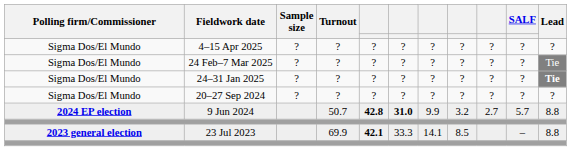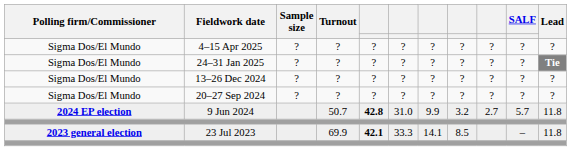 <table class="wikitable collapsible collapsed" style="text-align:center; font-size:95%; line-height:16px;">
 <tr style="height:42px;">
 <th style="width:250px;" rowspan="2">Polling firm/Commissioner</th>
 <th style="width:125px;" rowspan="2">Fieldwork date</th>
 <th style="width:50px;" rowspan="2">Sample size</th>
 <th style="width:45px;" rowspan="2">Turnout</th>
 <th style="width:35px;"></th>
 <th style="width:35px;"></th>
 <th style="width:35px;"></th>
 <th style="width:35px;"></th>
 <th style="width:35px;"></th>
 <th style="width:35px;"><a href='#'>SALF</a></th>
 <th style="width:30px;" rowspan="2">Lead</th>
 </tr>
 <tr>
 <th style="color:inherit;background:"></th>
 <th style="color:inherit;background:"></th>
 <th style="color:inherit;background:"></th>
 <th style="color:inherit;background:"></th>
 <th style="color:inherit;background:"></th>
 <th style="color:inherit;background:"></th>
 </tr>
 <tr>
 <td>Sigma Dos/El Mundo</td>
 <td>4–15 Apr 2025</td>
 <td>?</td>
 <td>?</td>
 <td>?<br></td>
 <td>?<br></td>
 <td>?<br></td>
 <td>?<br></td>
 <td>?<br></td>
 <td>?<br></td>
 <td style="background:">?</td>
 </tr>
 <tr>
 <td>Sigma Dos/El Mundo</td>
-<td>24 Feb–7 Mar 2025</td>
-<td>?</td>
-<td>?</td>
-<td>?<br></td>
-<td>?<br></td>
-<td>?<br></td>
-<td>?<br></td>
-<td>?<br></td>
-<td>?<br></td>
-<td style="background:gray;color:white;">Tie</td>
-</tr>
-<tr>
-<td>Sigma Dos/El Mundo</td>
 <td>24–31 Jan 2025</td>
 <td>?</td>
 <td>?</td>
 <td>?<br></td>
 <td>?<br></td>
 <td>?<br></td>
 <td>?<br></td>
 <td>?<br></td>
 <td>?<br></td>
 <td style="background:gray;color:white;"><strong>Tie</strong></td>
+</tr>
+<tr>
+<td>Sigma Dos/El Mundo</td>
+<td>13–26 Dec 2024</td>
+<td>?</td>
+<td>?</td>
+<td>?<br></td>
+<td>?<br></td>
+<td>?<br></td>
+<td>?<br></td>
+<td>?<br></td>
+<td>?<br></td>
+<td style="background:">?</td>
 </tr>
 <tr>
 <td>Sigma Dos/El Mundo</td>
 <td>20–27 Sep 2024</td>
 <td>?</td>
 <td>?</td>
 <td>?<br></td>
 <td>?<br></td>
 <td>?<br></td>
 <td>?<br></td>
 <td>?<br></td>
 <td>?<br></td>
 <td style="background:">?</td>
 </tr>
 <tr style="background:#EFEFEF;">
 <td><strong><a href='#'>2024 EP election</a></strong></td>
 <td>9 Jun 2024</td>
 <td></td>
 <td>50.7</td>
 <td><strong>42.8</strong><br></td>
-<td><strong>31.0<br></strong></td>
+<td>31.0<br></td>
 <td>9.9<br></td>
 <td>3.2<br></td>
 <td>2.7<br></td>
 <td>5.7<br></td>
-<td style="background:">8.8</td>
+<td style="background:">11.8</td>
 </tr>
 <tr>
 <td colspan="11" style="background:#A0A0A0"></td>
 </tr>
 <tr style="background:#EFEFEF;">
 <td><strong><a href='#'>2023 general election</a></strong></td>
 <td>23 Jul 2023</td>
 <td></td>
 <td>69.9</td>
 <td><strong>42.1</strong><br></td>
 <td>33.3<br></td>
 <td>14.1<br></td>
 <td>8.5<br></td>
 <td></td>
 <td>–</td>
-<td style="background:">8.8</td>
+<td style="background:">11.8</td>
 </tr>
 <tr>
 <td colspan="11" style="background:#A0A0A0"></td>
 </tr>
 </table>
